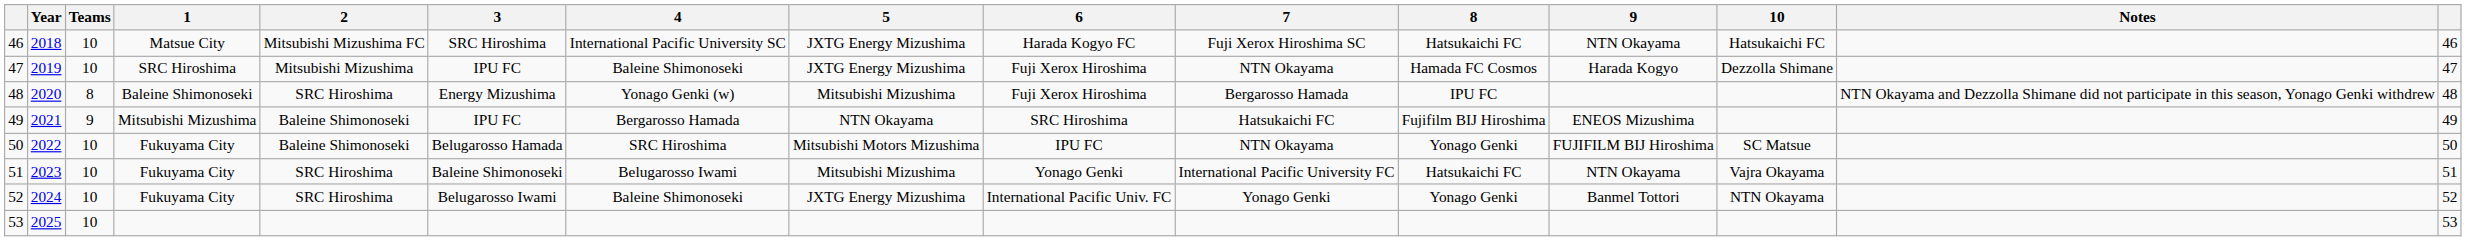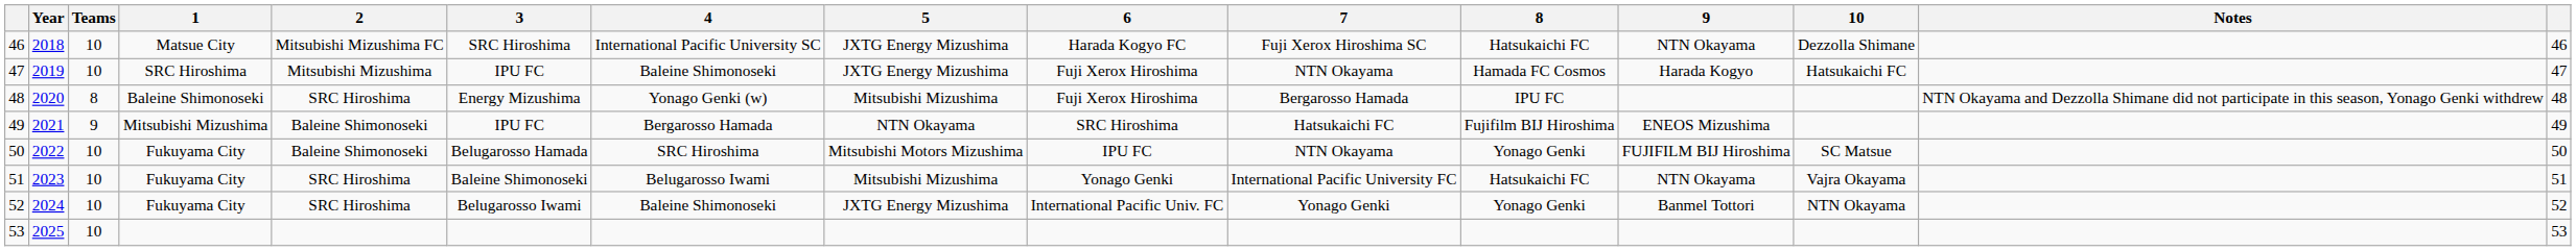 <table class="wikitable" style="text-align:center;font-size:smaller;white-space:nowrap">
 <tr>
 <th></th>
 <th>Year</th>
 <th>Teams</th>
 <th>1</th>
 <th>2</th>
 <th>3</th>
 <th>4</th>
 <th>5</th>
 <th>6</th>
 <th>7</th>
 <th>8</th>
 <th>9</th>
 <th>10</th>
 <th>Notes</th>
 <th></th>
 </tr>
 <tr>
 <td>46</td>
 <td><a href='#'>2018</a></td>
 <td>10</td>
 <td>Matsue City</td>
 <td>Mitsubishi Mizushima FC</td>
 <td>SRC Hiroshima</td>
 <td>International Pacific University SC</td>
 <td>JXTG Energy Mizushima</td>
 <td>Harada Kogyo FC</td>
 <td>Fuji Xerox Hiroshima SC</td>
 <td>Hatsukaichi FC</td>
 <td>NTN Okayama</td>
-<td>Hatsukaichi FC</td>
+<td>Dezzolla Shimane</td>
 <td></td>
 <td>46</td>
 </tr>
 <tr>
 <td>47</td>
 <td><a href='#'>2019</a></td>
 <td>10</td>
 <td>SRC Hiroshima</td>
 <td>Mitsubishi Mizushima</td>
 <td>IPU FC</td>
 <td>Baleine Shimonoseki</td>
 <td>JXTG Energy Mizushima</td>
 <td>Fuji Xerox Hiroshima</td>
 <td>NTN Okayama</td>
 <td>Hamada FC Cosmos</td>
 <td>Harada Kogyo</td>
-<td>Dezzolla Shimane</td>
+<td>Hatsukaichi FC</td>
 <td></td>
 <td>47</td>
 </tr>
 <tr>
 <td>48</td>
 <td><a href='#'>2020</a></td>
 <td>8</td>
 <td>Baleine Shimonoseki</td>
 <td>SRC Hiroshima</td>
 <td>Energy Mizushima</td>
 <td>Yonago Genki (w)</td>
 <td>Mitsubishi Mizushima</td>
 <td>Fuji Xerox Hiroshima</td>
 <td>Bergarosso Hamada</td>
 <td>IPU FC</td>
 <td></td>
 <td></td>
 <td>NTN Okayama and Dezzolla Shimane did not participate in this season, Yonago Genki withdrew</td>
 <td>48</td>
 </tr>
 <tr>
 <td>49</td>
 <td><a href='#'>2021</a></td>
 <td>9</td>
 <td>Mitsubishi Mizushima</td>
 <td>Baleine Shimonoseki</td>
 <td>IPU FC</td>
 <td>Bergarosso Hamada</td>
 <td>NTN Okayama</td>
 <td>SRC Hiroshima</td>
 <td>Hatsukaichi FC</td>
 <td>Fujifilm BIJ Hiroshima</td>
 <td>ENEOS Mizushima</td>
 <td></td>
 <td></td>
 <td>49</td>
 </tr>
 <tr>
 <td>50</td>
 <td><a href='#'>2022</a></td>
 <td>10</td>
 <td>Fukuyama City</td>
 <td>Baleine Shimonoseki</td>
 <td>Belugarosso Hamada</td>
 <td>SRC Hiroshima</td>
 <td>Mitsubishi Motors Mizushima</td>
 <td>IPU FC</td>
 <td>NTN Okayama</td>
 <td>Yonago Genki</td>
 <td>FUJIFILM BIJ Hiroshima</td>
 <td>SC Matsue</td>
 <td></td>
 <td>50</td>
 </tr>
 <tr>
 <td>51</td>
 <td><a href='#'>2023</a></td>
 <td>10</td>
 <td>Fukuyama City</td>
 <td>SRC Hiroshima</td>
 <td>Baleine Shimonoseki</td>
 <td>Belugarosso Iwami</td>
 <td>Mitsubishi Mizushima</td>
 <td>Yonago Genki</td>
 <td>International Pacific University FC</td>
 <td>Hatsukaichi FC</td>
 <td>NTN Okayama</td>
 <td>Vajra Okayama</td>
 <td></td>
 <td>51</td>
 </tr>
 <tr>
 <td>52</td>
 <td><a href='#'>2024</a></td>
 <td>10</td>
 <td>Fukuyama City</td>
 <td>SRC Hiroshima</td>
 <td>Belugarosso Iwami</td>
 <td>Baleine Shimonoseki</td>
 <td>JXTG Energy Mizushima</td>
 <td>International Pacific Univ. FC</td>
 <td>Yonago Genki</td>
 <td>Yonago Genki</td>
 <td>Banmel Tottori</td>
 <td>NTN Okayama</td>
 <td></td>
 <td>52</td>
 </tr>
 <tr>
 <td>53</td>
 <td><a href='#'>2025</a></td>
 <td>10</td>
 <td></td>
 <td></td>
 <td></td>
 <td></td>
 <td></td>
 <td></td>
 <td></td>
 <td></td>
 <td></td>
 <td></td>
 <td></td>
 <td>53</td>
 </tr>
 </table>
